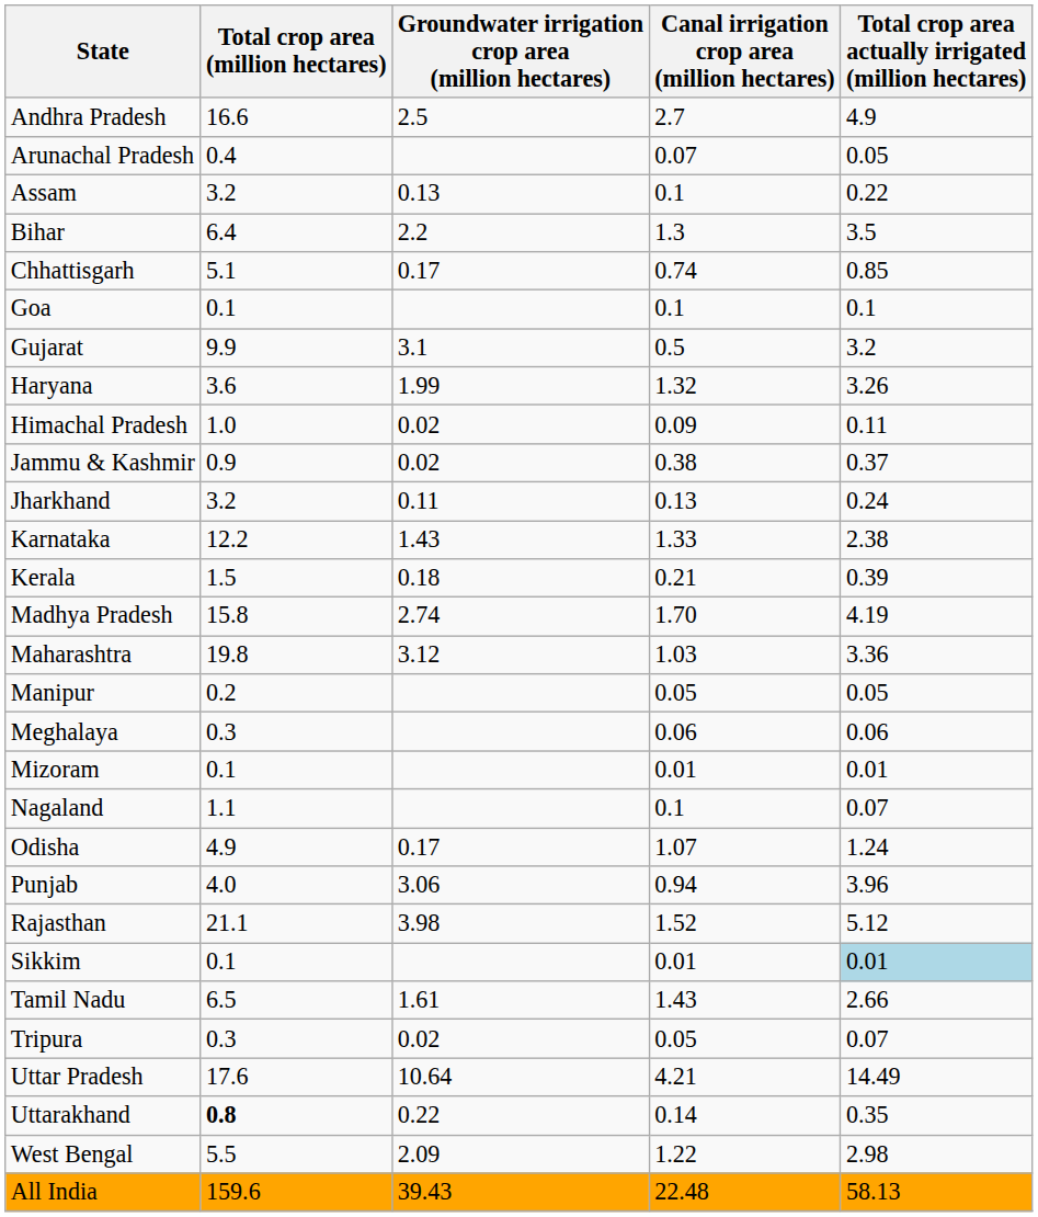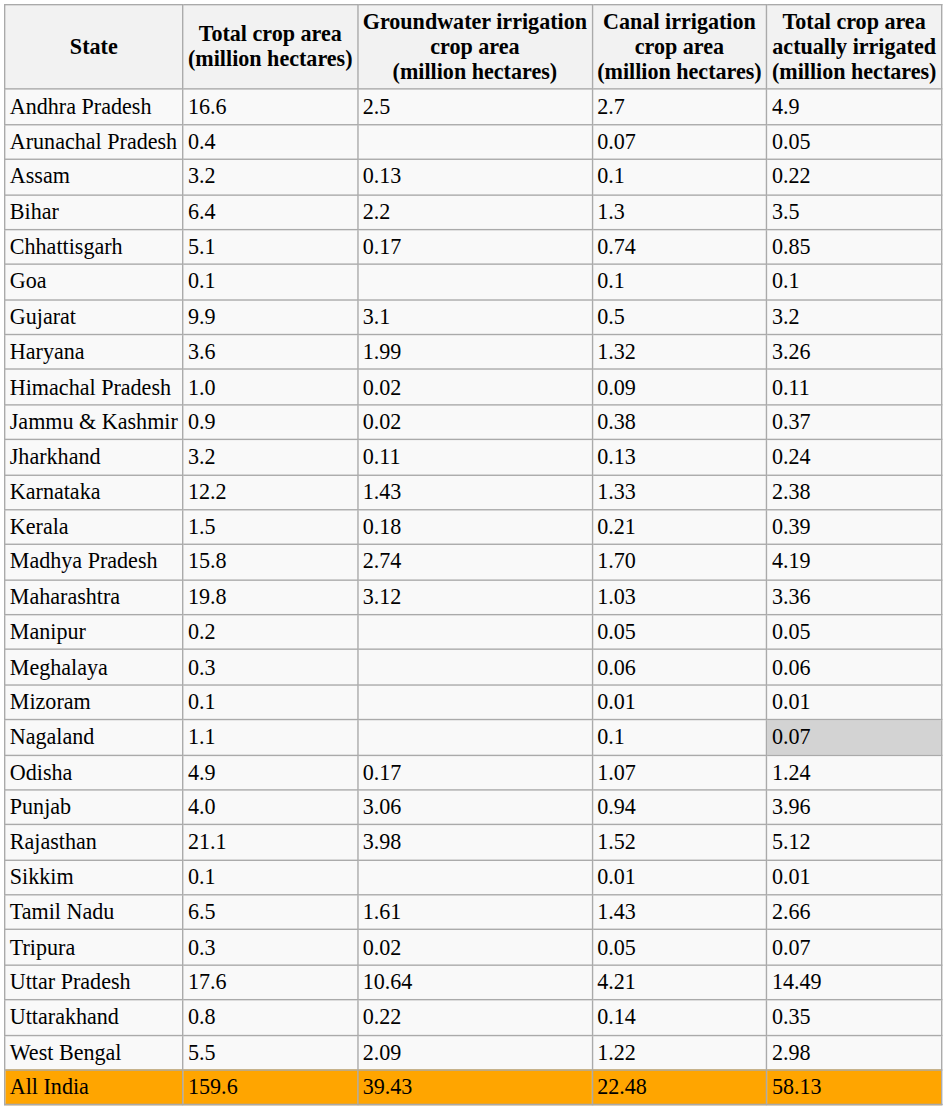 <table class="wikitable sortable">
 <tr>
 <th>State</th>
 <th>Total crop area <br>(million hectares)</th>
 <th>Groundwater irrigation<br>crop area<br>(million hectares)</th>
 <th>Canal irrigation <br>crop area <br>(million hectares)</th>
 <th>Total crop area<br>actually irrigated <br>(million hectares)</th>
 </tr>
 <tr>
 <td>Andhra Pradesh</td>
 <td>16.6</td>
 <td>2.5</td>
 <td>2.7</td>
 <td>4.9</td>
 </tr>
 <tr>
 <td>Arunachal Pradesh</td>
 <td>0.4</td>
 <td></td>
 <td>0.07</td>
 <td>0.05</td>
 </tr>
 <tr>
 <td>Assam</td>
 <td>3.2</td>
 <td>0.13</td>
 <td>0.1</td>
 <td>0.22</td>
 </tr>
 <tr>
 <td>Bihar</td>
 <td>6.4</td>
 <td>2.2</td>
 <td>1.3</td>
 <td>3.5</td>
 </tr>
 <tr>
 <td>Chhattisgarh</td>
 <td>5.1</td>
 <td>0.17</td>
 <td>0.74</td>
 <td>0.85</td>
 </tr>
 <tr>
 <td>Goa</td>
 <td>0.1</td>
 <td></td>
 <td>0.1</td>
 <td>0.1</td>
 </tr>
 <tr>
 <td>Gujarat</td>
 <td>9.9</td>
 <td>3.1</td>
 <td>0.5</td>
 <td>3.2</td>
 </tr>
 <tr>
 <td>Haryana</td>
 <td>3.6</td>
 <td>1.99</td>
 <td>1.32</td>
 <td>3.26</td>
 </tr>
 <tr>
 <td>Himachal Pradesh</td>
 <td>1.0</td>
 <td>0.02</td>
 <td>0.09</td>
 <td>0.11</td>
 </tr>
 <tr>
 <td>Jammu & Kashmir</td>
 <td>0.9</td>
 <td>0.02</td>
 <td>0.38</td>
 <td>0.37</td>
 </tr>
 <tr>
 <td>Jharkhand</td>
 <td>3.2</td>
 <td>0.11</td>
 <td>0.13</td>
 <td>0.24</td>
 </tr>
 <tr>
 <td>Karnataka</td>
 <td>12.2</td>
 <td>1.43</td>
 <td>1.33</td>
 <td>2.38</td>
 </tr>
 <tr>
 <td>Kerala</td>
 <td>1.5</td>
 <td>0.18</td>
 <td>0.21</td>
 <td>0.39</td>
 </tr>
 <tr>
 <td>Madhya Pradesh</td>
 <td>15.8</td>
 <td>2.74</td>
 <td>1.70</td>
 <td>4.19</td>
 </tr>
 <tr>
 <td>Maharashtra</td>
 <td>19.8</td>
 <td>3.12</td>
 <td>1.03</td>
 <td>3.36</td>
 </tr>
 <tr>
 <td>Manipur</td>
 <td>0.2</td>
 <td></td>
 <td>0.05</td>
 <td>0.05</td>
 </tr>
 <tr>
 <td>Meghalaya</td>
 <td>0.3</td>
 <td></td>
 <td>0.06</td>
 <td>0.06</td>
 </tr>
 <tr>
 <td>Mizoram</td>
 <td>0.1</td>
 <td></td>
 <td>0.01</td>
 <td>0.01</td>
 </tr>
 <tr>
 <td>Nagaland</td>
 <td>1.1</td>
 <td></td>
 <td>0.1</td>
-<td>0.07</td>
+<td style="background: lightgrey;">0.07</td>
 </tr>
 <tr>
 <td>Odisha</td>
 <td>4.9</td>
 <td>0.17</td>
 <td>1.07</td>
 <td>1.24</td>
 </tr>
 <tr>
 <td>Punjab</td>
 <td>4.0</td>
 <td>3.06</td>
 <td>0.94</td>
 <td>3.96</td>
 </tr>
 <tr>
 <td>Rajasthan</td>
 <td>21.1</td>
 <td>3.98</td>
 <td>1.52</td>
 <td>5.12</td>
 </tr>
 <tr>
 <td>Sikkim</td>
 <td>0.1</td>
 <td></td>
 <td>0.01</td>
-<td style="background: lightblue;">0.01</td>
+<td>0.01</td>
 </tr>
 <tr>
 <td>Tamil Nadu</td>
 <td>6.5</td>
 <td>1.61</td>
 <td>1.43</td>
 <td>2.66</td>
 </tr>
 <tr>
 <td>Tripura</td>
 <td>0.3</td>
 <td>0.02</td>
 <td>0.05</td>
 <td>0.07</td>
 </tr>
 <tr>
 <td>Uttar Pradesh</td>
 <td>17.6</td>
 <td>10.64</td>
 <td>4.21</td>
 <td>14.49</td>
 </tr>
 <tr>
 <td>Uttarakhand</td>
-<td><strong>0.8</strong></td>
+<td>0.8</td>
 <td>0.22</td>
 <td>0.14</td>
 <td>0.35</td>
 </tr>
 <tr>
 <td>West Bengal</td>
 <td>5.5</td>
 <td>2.09</td>
 <td>1.22</td>
 <td>2.98</td>
 </tr>
 <tr>
 <td style="background:orange;">All India</td>
 <td style="background:orange;">159.6</td>
 <td style="background:orange;">39.43</td>
 <td style="background:orange;">22.48</td>
 <td style="background:orange;">58.13</td>
 </tr>
 <tr>
 </tr>
 </table>
